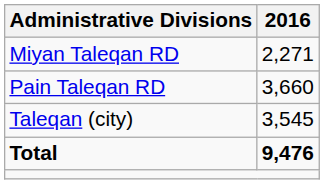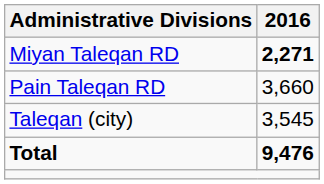 <table class="wikitable">
 <tr>
 <th>Administrative Divisions</th>
 <th>2016</th>
 </tr>
 <tr>
 <td><a href='#'>Miyan Taleqan RD</a></td>
-<td style="text-align: right;">2,271</td>
+<td style="text-align: right;"><strong>2,271</strong></td>
 </tr>
 <tr>
 <td><a href='#'>Pain Taleqan RD</a></td>
 <td style="text-align: right;">3,660</td>
 </tr>
 <tr>
 <td><a href='#'>Taleqan</a> (city)</td>
 <td style="text-align: right;">3,545</td>
 </tr>
 <tr>
 <td><strong>Total</strong></td>
 <td style="text-align: right;"><strong>9,476</strong></td>
 </tr>
 <tr>
 <td colspan=2></td>
 </tr>
 </table>
